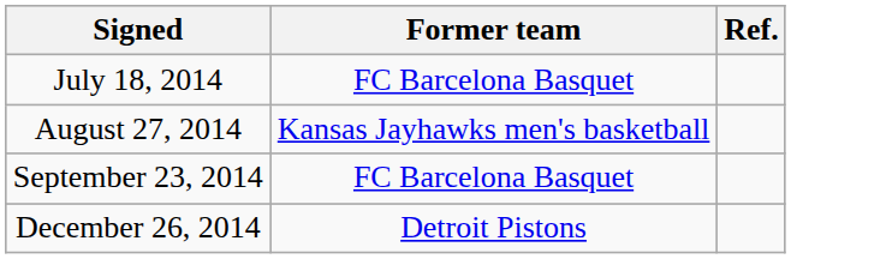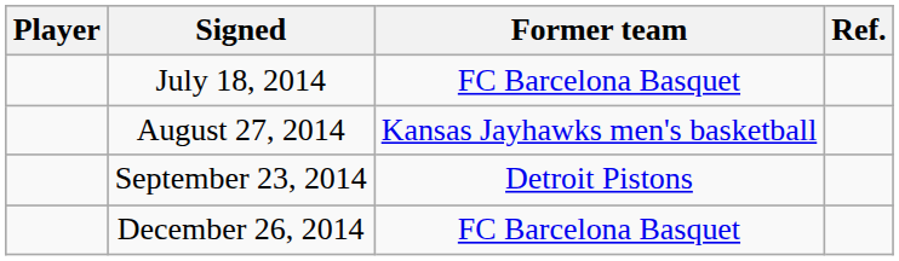 <table class="wikitable sortable sortable" style="text-align: center">
 <tr>
+<th>Player</th>
 <th>Signed</th>
 <th>Former team</th>
 <th>Ref.</th>
 </tr>
 <tr>
+<td></td>
 <td>July 18, 2014</td>
 <td> <a href='#'>FC Barcelona Basquet</a></td>
 <td></td>
 </tr>
 <tr>
+<td></td>
 <td>August 27, 2014</td>
 <td><a href='#'>Kansas Jayhawks men's basketball</a></td>
 <td></td>
 </tr>
 <tr>
+<td></td>
 <td>September 23, 2014</td>
+<td><a href='#'>Detroit Pistons</a></td>
+<td></td>
+</tr>
+<tr>
+<td></td>
+<td>December 26, 2014</td>
 <td> <a href='#'>FC Barcelona Basquet</a></td>
 <td></td>
 </tr>
-<tr>
-<td>December 26, 2014</td>
-<td><a href='#'>Detroit Pistons</a></td>
-<td></td>
-</tr>
 </table>
